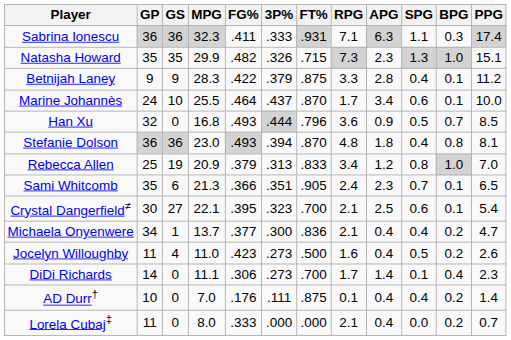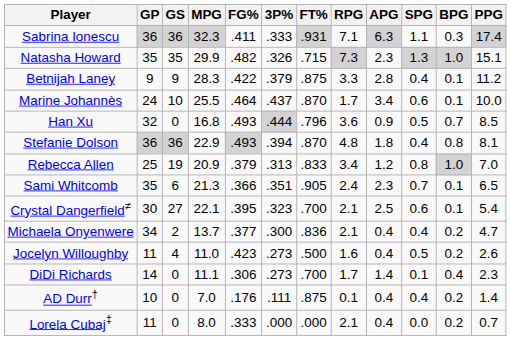 <table class="wikitable sortable" style="text-align:center">
 <tr>
 <th>Player</th>
 <th>GP</th>
 <th>GS</th>
 <th>MPG</th>
 <th>FG%</th>
 <th>3P%</th>
 <th>FT%</th>
 <th>RPG</th>
 <th>APG</th>
 <th>SPG</th>
 <th>BPG</th>
 <th>PPG</th>
 </tr>
 <tr>
 <td><a href='#'>Sabrina Ionescu</a></td>
 <td style="background:#D3D3D3;">36</td>
 <td style="background:#D3D3D3;">36</td>
 <td style="background:#D3D3D3;">32.3</td>
 <td>.411</td>
 <td>.333</td>
 <td style="background:#D3D3D3;">.931</td>
 <td>7.1</td>
 <td style="background:#D3D3D3;">6.3</td>
 <td>1.1</td>
 <td>0.3</td>
 <td style="background:#D3D3D3;">17.4</td>
 </tr>
 <tr>
 <td><a href='#'>Natasha Howard</a></td>
 <td>35</td>
 <td>35</td>
 <td>29.9</td>
 <td>.482</td>
 <td>.326</td>
 <td>.715</td>
 <td style="background:#D3D3D3;">7.3</td>
 <td>2.3</td>
 <td style="background:#D3D3D3;">1.3</td>
 <td style="background:#D3D3D3;">1.0</td>
 <td>15.1</td>
 </tr>
 <tr>
 <td><a href='#'>Betnijah Laney</a></td>
 <td>9</td>
 <td>9</td>
 <td>28.3</td>
 <td>.422</td>
 <td>.379</td>
 <td>.875</td>
 <td>3.3</td>
 <td>2.8</td>
 <td>0.4</td>
 <td>0.1</td>
 <td>11.2</td>
 </tr>
 <tr>
 <td><a href='#'>Marine Johannès</a></td>
 <td>24</td>
 <td>10</td>
 <td>25.5</td>
 <td>.464</td>
 <td>.437</td>
 <td>.870</td>
 <td>1.7</td>
 <td>3.4</td>
 <td>0.6</td>
 <td>0.1</td>
 <td>10.0</td>
 </tr>
 <tr>
 <td><a href='#'>Han Xu</a></td>
 <td>32</td>
 <td>0</td>
 <td>16.8</td>
 <td>.493</td>
 <td style="background:#D3D3D3;">.444</td>
 <td>.796</td>
 <td>3.6</td>
 <td>0.9</td>
 <td>0.5</td>
 <td>0.7</td>
 <td>8.5</td>
 </tr>
 <tr>
 <td><a href='#'>Stefanie Dolson</a></td>
 <td style="background:#D3D3D3;">36</td>
 <td style="background:#D3D3D3;">36</td>
-<td>23.0</td>
+<td>22.9</td>
 <td style="background:#D3D3D3;">.493</td>
 <td>.394</td>
 <td>.870</td>
 <td>4.8</td>
 <td>1.8</td>
 <td>0.4</td>
 <td>0.8</td>
 <td>8.1</td>
 </tr>
 <tr>
 <td><a href='#'>Rebecca Allen</a></td>
 <td>25</td>
 <td>19</td>
 <td>20.9</td>
 <td>.379</td>
 <td>.313</td>
 <td>.833</td>
 <td>3.4</td>
 <td>1.2</td>
 <td>0.8</td>
 <td style="background:#D3D3D3;">1.0</td>
 <td>7.0</td>
 </tr>
 <tr>
 <td><a href='#'>Sami Whitcomb</a></td>
 <td>35</td>
 <td>6</td>
 <td>21.3</td>
 <td>.366</td>
 <td>.351</td>
 <td>.905</td>
 <td>2.4</td>
 <td>2.3</td>
 <td>0.7</td>
 <td>0.1</td>
 <td>6.5</td>
 </tr>
 <tr>
 <td><a href='#'>Crystal Dangerfield</a><sup>≠</sup></td>
 <td>30</td>
 <td>27</td>
 <td>22.1</td>
 <td>.395</td>
 <td>.323</td>
 <td>.700</td>
 <td>2.1</td>
 <td>2.5</td>
 <td>0.6</td>
 <td>0.1</td>
 <td>5.4</td>
 </tr>
 <tr>
 <td><a href='#'>Michaela Onyenwere</a></td>
 <td>34</td>
-<td>1</td>
+<td>2</td>
 <td>13.7</td>
 <td>.377</td>
 <td>.300</td>
 <td>.836</td>
 <td>2.1</td>
 <td>0.4</td>
 <td>0.4</td>
 <td>0.2</td>
 <td>4.7</td>
 </tr>
 <tr>
 <td><a href='#'>Jocelyn Willoughby</a></td>
 <td>11</td>
 <td>4</td>
 <td>11.0</td>
 <td>.423</td>
 <td>.273</td>
 <td>.500</td>
 <td>1.6</td>
 <td>0.4</td>
 <td>0.5</td>
 <td>0.2</td>
 <td>2.6</td>
 </tr>
 <tr>
 <td><a href='#'>DiDi Richards</a></td>
 <td>14</td>
 <td>0</td>
 <td>11.1</td>
 <td>.306</td>
 <td>.273</td>
 <td>.700</td>
 <td>1.7</td>
 <td>1.4</td>
 <td>0.1</td>
 <td>0.4</td>
 <td>2.3</td>
 </tr>
 <tr>
 <td><a href='#'>AD Durr</a><sup>†</sup></td>
 <td>10</td>
 <td>0</td>
 <td>7.0</td>
 <td>.176</td>
 <td>.111</td>
 <td>.875</td>
 <td>0.1</td>
 <td>0.4</td>
 <td>0.4</td>
 <td>0.2</td>
 <td>1.4</td>
 </tr>
 <tr>
 <td><a href='#'>Lorela Cubaj</a><sup>‡</sup></td>
 <td>11</td>
 <td>0</td>
 <td>8.0</td>
 <td>.333</td>
 <td>.000</td>
 <td>.000</td>
 <td>2.1</td>
 <td>0.4</td>
 <td>0.0</td>
 <td>0.2</td>
 <td>0.7</td>
 </tr>
 </table>
